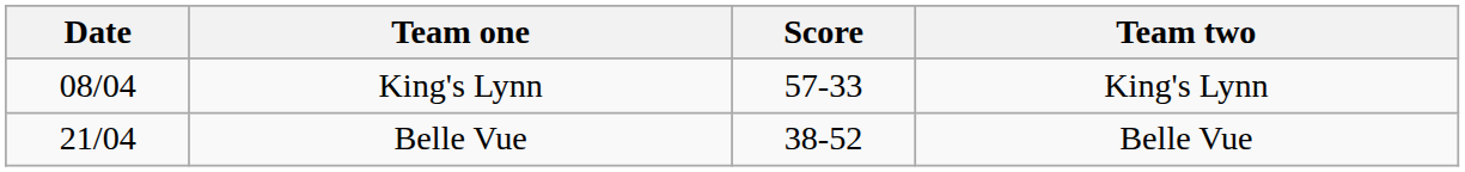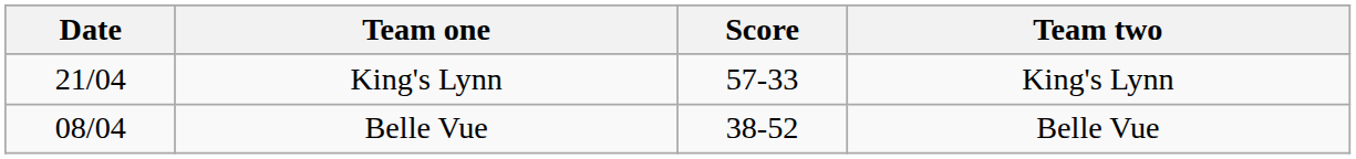 <table class="wikitable" style="text-align: center">
 <tr>
 <th width=80>Date</th>
 <th width=250>Team one</th>
 <th width=80>Score</th>
 <th width=250>Team two</th>
 </tr>
 <tr>
-<td>08/04</td>
+<td>21/04</td>
 <td>King's Lynn</td>
 <td>57-33</td>
 <td>King's Lynn</td>
 </tr>
 <tr>
-<td>21/04</td>
+<td>08/04</td>
 <td>Belle Vue</td>
 <td>38-52</td>
 <td>Belle Vue</td>
 </tr>
 </table>
